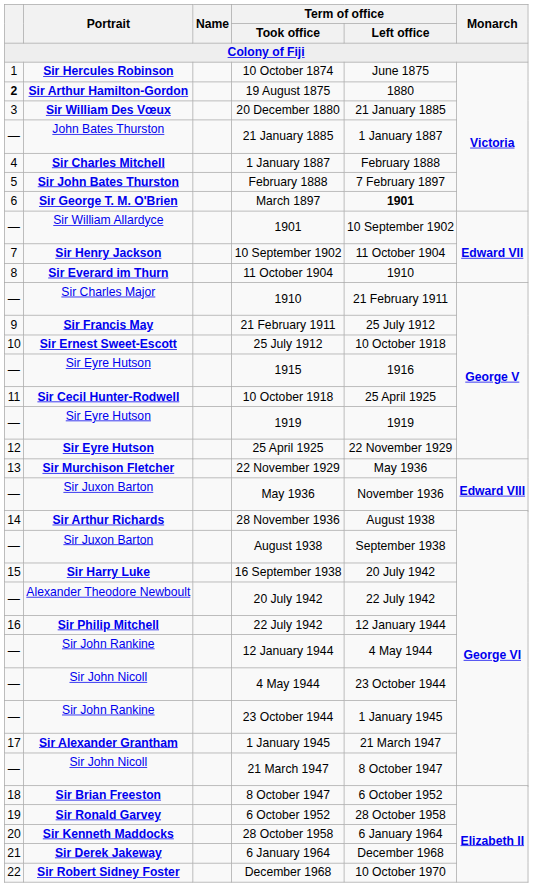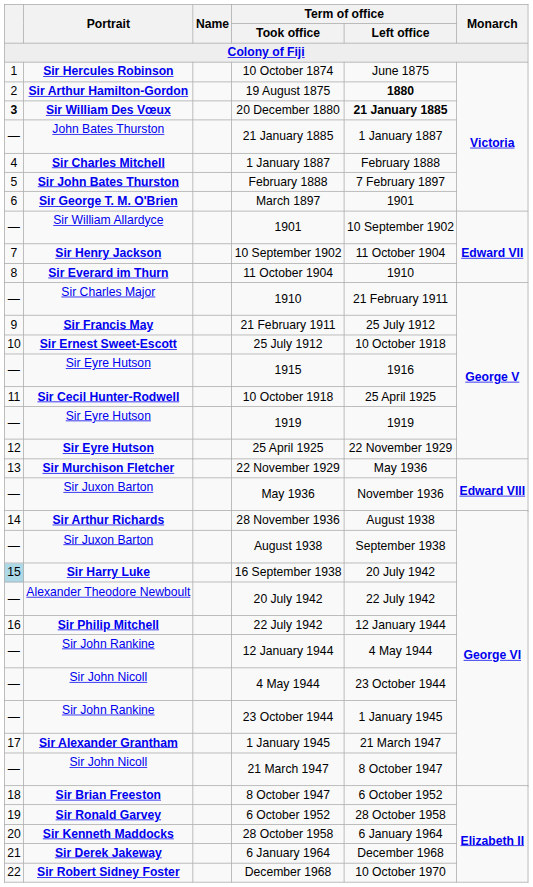 <table class="wikitable" style="text-align:center;">
 <tr>
 <th rowspan="2"></th>
 <th rowspan="2">Portrait</th>
 <th rowspan="2">Name<br></th>
 <th colspan="2">Term of office</th>
 <th rowspan="2">Monarch</th>
 </tr>
 <tr>
 <th>Took office</th>
 <th>Left office</th>
 </tr>
 <tr bgcolor=#EEEEEE>
 <td colspan="6"><strong><a href='#'>Colony of Fiji</a></strong></td>
 </tr>
 <tr>
 <td>1</td>
 <td><a href='#'><strong>Sir Hercules Robinson</strong></a><br></td>
 <td></td>
 <td>10 October 1874</td>
 <td>June 1875</td>
 <td rowspan="7"><br><a href='#'><strong>Victoria</strong></a></td>
 </tr>
 <tr>
-<td><strong>2</strong></td>
+<td>2</td>
 <td><a href='#'><strong>Sir Arthur Hamilton-Gordon</strong></a><br></td>
 <td></td>
 <td>19 August 1875</td>
-<td>1880</td>
+<td><strong>1880</strong></td>
 </tr>
 <tr>
-<td>3</td>
+<td><strong>3</strong></td>
 <td><a href='#'><strong>Sir William Des Vœux</strong></a><br></td>
 <td></td>
 <td>20 December 1880</td>
-<td>21 January 1885</td>
+<td><strong>21 January 1885</strong></td>
 </tr>
 <tr>
 <td>—</td>
 <td><a href='#'>John Bates Thurston</a><br><br></td>
 <td></td>
 <td>21 January 1885</td>
 <td>1 January 1887</td>
 </tr>
 <tr>
 <td>4</td>
 <td><a href='#'><strong>Sir Charles Mitchell</strong></a><br></td>
 <td></td>
 <td>1 January 1887</td>
 <td>February 1888</td>
 </tr>
 <tr>
 <td>5</td>
 <td><a href='#'><strong>Sir John Bates Thurston</strong></a><br></td>
 <td></td>
 <td>February 1888</td>
 <td>7 February 1897</td>
 </tr>
 <tr>
 <td>6</td>
 <td><a href='#'><strong>Sir George T. M. O'Brien</strong></a><br></td>
 <td></td>
 <td>March 1897</td>
-<td><strong>1901</strong></td>
+<td>1901</td>
 </tr>
 <tr>
 <td>—</td>
 <td><a href='#'>Sir William Allardyce</a><br><br></td>
 <td></td>
 <td>1901</td>
 <td>10 September 1902</td>
 <td rowspan="4"><br><strong><a href='#'>Edward VII</a></strong></td>
 </tr>
 <tr>
 <td>7</td>
 <td><a href='#'><strong>Sir Henry Jackson</strong></a><br></td>
 <td></td>
 <td>10 September 1902</td>
 <td>11 October 1904</td>
 </tr>
 <tr>
 <td>8</td>
 <td><a href='#'><strong>Sir Everard im Thurn</strong></a><br></td>
 <td></td>
 <td>11 October 1904</td>
 <td>1910</td>
 </tr>
 <tr>
 <td rowspan="2">—</td>
 <td rowspan="2"><a href='#'>Sir Charles Major</a><br><br></td>
 <td rowspan="2"></td>
 <td rowspan="2">1910</td>
 <td rowspan="2">21 February 1911</td>
 </tr>
 <tr>
 <td rowspan="8"><br><strong><a href='#'>George V</a></strong></td>
 </tr>
 <tr>
 <td>9</td>
 <td><a href='#'><strong>Sir Francis May</strong></a><br></td>
 <td></td>
 <td>21 February 1911</td>
 <td>25 July 1912</td>
 </tr>
 <tr>
 <td>10</td>
 <td><a href='#'><strong>Sir Ernest Sweet-Escott</strong></a><br></td>
 <td></td>
 <td>25 July 1912</td>
 <td>10 October 1918</td>
 </tr>
 <tr>
 <td>—</td>
 <td><a href='#'>Sir Eyre Hutson</a><br><br></td>
 <td></td>
 <td>1915</td>
 <td>1916</td>
 </tr>
 <tr>
 <td>11</td>
 <td><a href='#'><strong>Sir Cecil Hunter-Rodwell</strong></a><br></td>
 <td></td>
 <td>10 October 1918</td>
 <td>25 April 1925</td>
 </tr>
 <tr>
 <td>—</td>
 <td><a href='#'>Sir Eyre Hutson</a><br><br></td>
 <td></td>
 <td>1919</td>
 <td>1919</td>
 </tr>
 <tr>
 <td>12</td>
 <td><a href='#'><strong>Sir Eyre Hutson</strong></a><br></td>
 <td></td>
 <td>25 April 1925</td>
 <td>22 November 1929</td>
 </tr>
 <tr>
 <td rowspan="2">13</td>
 <td rowspan="2"><a href='#'><strong>Sir Murchison Fletcher</strong></a><br></td>
 <td rowspan="2"></td>
 <td rowspan="2">22 November 1929</td>
 <td rowspan="2">May 1936</td>
 </tr>
 <tr>
 <td rowspan="3"><br><strong><a href='#'>Edward VIII</a></strong></td>
 </tr>
 <tr>
 <td>—</td>
 <td><a href='#'>Sir Juxon Barton</a><br><br></td>
 <td></td>
 <td>May 1936</td>
 <td>November 1936</td>
 </tr>
 <tr>
 <td rowspan="2">14</td>
 <td rowspan="2"><a href='#'><strong>Sir Arthur Richards</strong></a><br></td>
 <td rowspan="2"></td>
 <td rowspan="2">28 November 1936</td>
 <td rowspan="2">August 1938</td>
 </tr>
 <tr>
 <td rowspan="11"><br><strong><a href='#'>George VI</a></strong></td>
 </tr>
 <tr>
 <td>—</td>
 <td><a href='#'>Sir Juxon Barton</a><br><br></td>
 <td></td>
 <td>August 1938</td>
 <td>September 1938</td>
 </tr>
 <tr>
-<td>15</td>
+<td style="background: lightblue;">15</td>
 <td><a href='#'><strong>Sir Harry Luke</strong></a><br></td>
 <td></td>
 <td>16 September 1938</td>
 <td>20 July 1942</td>
 </tr>
 <tr>
 <td>—</td>
 <td><a href='#'>Alexander Theodore Newboult</a><br><br></td>
 <td></td>
 <td>20 July 1942</td>
 <td>22 July 1942</td>
 </tr>
 <tr>
 <td>16</td>
 <td><a href='#'><strong>Sir Philip Mitchell</strong></a><br></td>
 <td></td>
 <td>22 July 1942</td>
 <td>12 January 1944</td>
 </tr>
 <tr>
 <td>—</td>
 <td><a href='#'>Sir John Rankine</a><br><br></td>
 <td></td>
 <td>12 January 1944</td>
 <td>4 May 1944</td>
 </tr>
 <tr>
 <td>—</td>
 <td><a href='#'>Sir John Nicoll</a><br><br></td>
 <td></td>
 <td>4 May 1944</td>
 <td>23 October 1944</td>
 </tr>
 <tr>
 <td>—</td>
 <td><a href='#'>Sir John Rankine</a><br><br></td>
 <td></td>
 <td>23 October 1944</td>
 <td>1 January 1945</td>
 </tr>
 <tr>
 <td>17</td>
 <td><a href='#'><strong>Sir Alexander Grantham</strong></a><br></td>
 <td></td>
 <td>1 January 1945</td>
 <td>21 March 1947</td>
 </tr>
 <tr>
 <td>—</td>
 <td><a href='#'>Sir John Nicoll</a><br><br></td>
 <td></td>
 <td>21 March 1947</td>
 <td>8 October 1947</td>
 </tr>
 <tr>
 <td rowspan="2">18</td>
 <td rowspan="2"><a href='#'><strong>Sir Brian Freeston</strong></a><br></td>
 <td rowspan="2"></td>
 <td rowspan="2">8 October 1947</td>
 <td rowspan="2">6 October 1952</td>
 </tr>
 <tr>
 <td rowspan="5"><br><strong><a href='#'>Elizabeth II</a></strong></td>
 </tr>
 <tr>
 <td>19</td>
 <td><a href='#'><strong>Sir Ronald Garvey</strong></a><br></td>
 <td></td>
 <td>6 October 1952</td>
 <td>28 October 1958</td>
 </tr>
 <tr>
 <td>20</td>
 <td><a href='#'><strong>Sir Kenneth Maddocks</strong></a><br></td>
 <td></td>
 <td>28 October 1958</td>
 <td>6 January 1964</td>
 </tr>
 <tr>
 <td>21</td>
 <td><a href='#'><strong>Sir Derek Jakeway</strong></a><br></td>
 <td></td>
 <td>6 January 1964</td>
 <td>December 1968</td>
 </tr>
 <tr>
 <td>22</td>
 <td><a href='#'><strong>Sir Robert Sidney Foster</strong></a><br></td>
 <td></td>
 <td>December 1968</td>
 <td>10 October 1970</td>
 </tr>
 </table>
